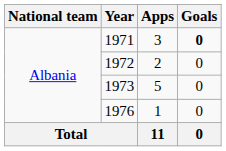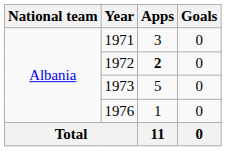 <table class=wikitable style="text-align: center;">
 <tr>
 <th>National team</th>
 <th>Year</th>
 <th>Apps</th>
 <th>Goals</th>
 </tr>
 <tr>
 <td rowspan=4><a href='#'>Albania</a></td>
 <td>1971</td>
 <td>3</td>
-<td><strong>0</strong></td>
+<td>0</td>
 </tr>
 <tr>
 <td>1972</td>
-<td>2</td>
+<td><strong>2</strong></td>
 <td>0</td>
 </tr>
 <tr>
 <td>1973</td>
 <td>5</td>
 <td>0</td>
 </tr>
 <tr>
 <td>1976</td>
 <td>1</td>
 <td>0</td>
 </tr>
 <tr>
 <th colspan=2>Total</th>
 <th>11</th>
 <th>0</th>
 </tr>
 </table>
